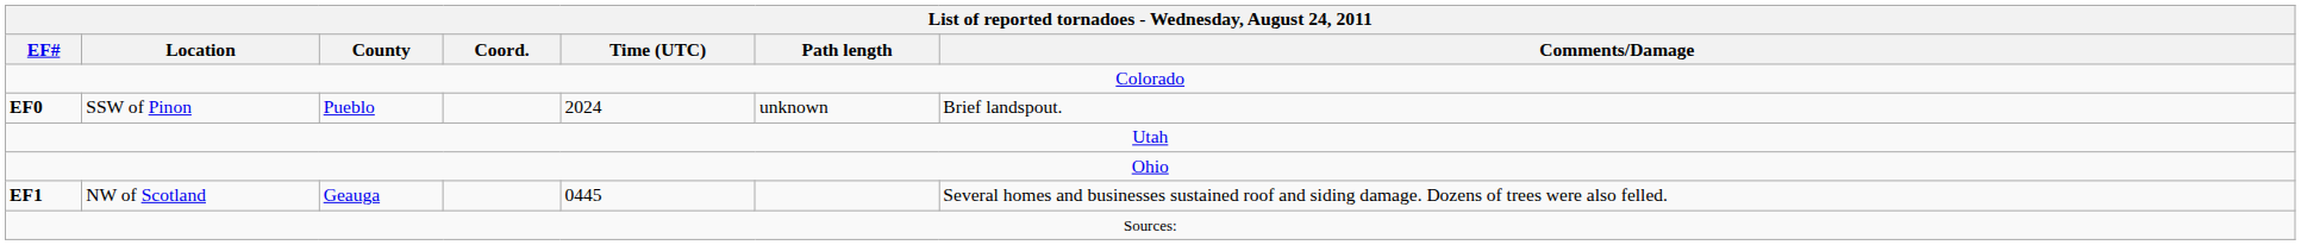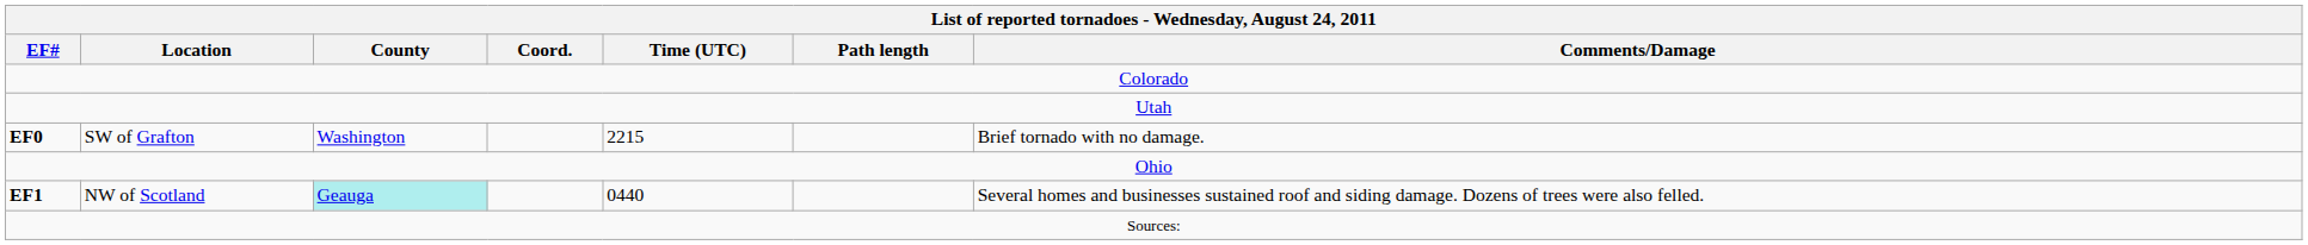 <table class="wikitable collapsible" width="100%">
 <tr>
 <th colspan="7">List of reported tornadoes - Wednesday, August 24, 2011</th>
 </tr>
 <tr>
 <th><a href='#'>EF#</a></th>
 <th>Location</th>
 <th>County</th>
 <th>Coord.</th>
 <th>Time (UTC)</th>
 <th>Path length</th>
 <th>Comments/Damage</th>
 </tr>
 <tr>
 <td colspan="7" align=center><a href='#'>Colorado</a></td>
 </tr>
 <tr>
-<td><strong>EF0</strong></td>
-<td>SSW of <a href='#'>Pinon</a></td>
-<td><a href='#'>Pueblo</a></td>
-<td></td>
-<td>2024</td>
-<td>unknown</td>
-<td>Brief landspout.</td>
+<td colspan="7" align=center><a href='#'>Utah</a></td>
 </tr>
 <tr>
-<td colspan="7" align=center><a href='#'>Utah</a></td>
+<td><strong>EF0</strong></td>
+<td>SW of <a href='#'>Grafton</a></td>
+<td><a href='#'>Washington</a></td>
+<td></td>
+<td>2215</td>
+<td></td>
+<td>Brief tornado with no damage.</td>
 </tr>
 <tr>
 <td colspan="7" align=center><a href='#'>Ohio</a></td>
 </tr>
 <tr>
 <td><strong>EF1</strong></td>
 <td>NW of <a href='#'>Scotland</a></td>
-<td><a href='#'>Geauga</a></td>
+<td style="background: paleturquoise;"><a href='#'>Geauga</a></td>
 <td></td>
-<td>0445</td>
+<td>0440</td>
 <td></td>
 <td>Several homes and businesses sustained roof and siding damage. Dozens of trees were also felled.</td>
 </tr>
 <tr>
 <td colspan="7" align=center><small>Sources: </small></td>
 </tr>
 </table>
